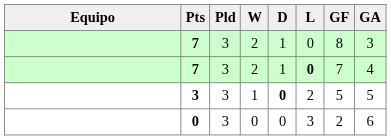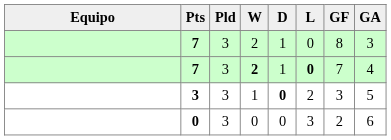 <table style=border-collapse:collapse border=1 cellspacing=0 cellpadding=5>
 <tr align=center bgcolor=#efefef>
 <th width=185>Equipo</th>
 <th width=20>Pts</th>
 <th width=20>Pld</th>
 <th width=20>W</th>
 <th width=20>D</th>
 <th width=20>L</th>
 <th width=20>GF</th>
 <th width=20>GA</th>
 </tr>
 <tr align=center bgcolor=#ccffcc>
 <td style="text-align:left;"><strong></strong></td>
 <td><strong>7</strong></td>
 <td>3</td>
 <td>2</td>
 <td>1</td>
 <td>0</td>
 <td>8</td>
 <td>3</td>
 </tr>
 <tr align=center bgcolor=#ccffcc>
 <td style="text-align:left;"></td>
 <td><strong>7</strong></td>
 <td>3</td>
-<td>2</td>
+<td><strong>2</strong></td>
 <td>1</td>
 <td><strong>0</strong></td>
 <td>7</td>
 <td>4</td>
 </tr>
 <tr align=center>
 <td style="text-align:left;"></td>
 <td><strong>3</strong></td>
 <td>3</td>
 <td>1</td>
 <td><strong>0</strong></td>
 <td>2</td>
-<td>5</td>
+<td>3</td>
 <td>5</td>
 </tr>
 <tr align=center>
 <td style="text-align:left;"></td>
 <td><strong>0</strong></td>
 <td>3</td>
 <td>0</td>
 <td>0</td>
 <td>3</td>
 <td>2</td>
 <td>6</td>
 </tr>
 </table>
